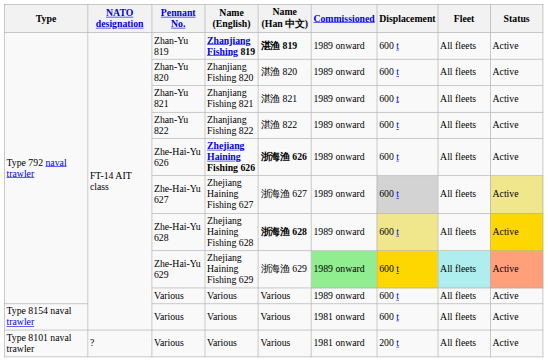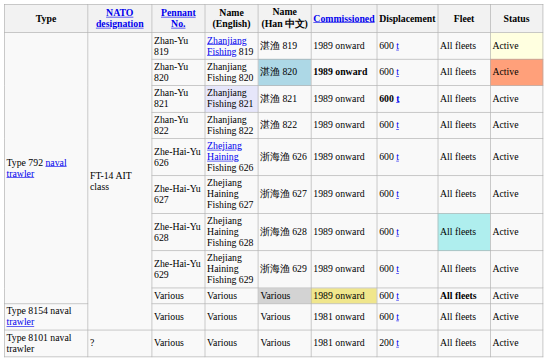 <table class="wikitable sortable"  style="margin:auto; width:100%;">
 <tr>
 <th style="text-align:center; width:16%;">Type</th>
 <th style="text-align:center; width:12%;"><a href='#'>NATO designation</a></th>
 <th style="text-align:center; width:10%;"><a href='#'>Pennant No.</a></th>
 <th style="text-align:center; width:10%;">Name<br>(English)</th>
 <th style="text-align:center; width:10%;">Name<br>(Han 中文)</th>
 <th style="text-align:center; width:10%;"><a href='#'>Commissioned</a></th>
 <th style="text-align:center; width:10%;">Displacement</th>
 <th style="text-align:center; width:10%;">Fleet</th>
 <th style="text-align:center; width:10%;">Status</th>
 </tr>
 <tr>
 <td rowspan="9">Type 792 <a href='#'>naval trawler</a></td>
 <td rowspan="10">FT-14 AIT class</td>
 <td>Zhan-Yu 819</td>
-<td><strong><a href='#'>Zhanjiang</a> <a href='#'>Fishing</a> 819</strong></td>
-<td><strong>湛渔 819</strong></td>
+<td><a href='#'>Zhanjiang</a> <a href='#'>Fishing</a> 819</td>
+<td>湛渔 819</td>
 <td>1989 onward</td>
 <td>600 <a href='#'>t</a></td>
 <td>All fleets</td>
-<td><span>Active</span></td>
+<td style="background: lightyellow;"><span>Active</span></td>
 </tr>
 <tr>
 <td>Zhan-Yu 820</td>
 <td>Zhanjiang Fishing 820</td>
-<td>湛渔 820</td>
-<td>1989 onward</td>
+<td style="background: lightblue;">湛渔 820</td>
+<td><strong>1989 onward</strong></td>
 <td>600 <a href='#'>t</a></td>
 <td>All fleets</td>
-<td><span>Active</span></td>
+<td style="background: lightsalmon;"><span>Active</span></td>
 </tr>
 <tr>
 <td>Zhan-Yu 821</td>
-<td>Zhanjiang Fishing 821</td>
+<td style="background: lavender;">Zhanjiang Fishing 821</td>
 <td>湛渔 821</td>
 <td>1989 onward</td>
-<td>600 <a href='#'>t</a></td>
+<td><strong>600 <a href='#'>t</a></strong></td>
 <td>All fleets</td>
 <td><span>Active</span></td>
 </tr>
 <tr>
 <td>Zhan-Yu 822</td>
 <td>Zhanjiang Fishing 822</td>
 <td>湛渔 822</td>
 <td>1989 onward</td>
 <td>600 <a href='#'>t</a></td>
 <td>All fleets</td>
 <td><span>Active</span></td>
 </tr>
 <tr>
 <td>Zhe-Hai-Yu 626</td>
-<td><strong><a href='#'>Zhejiang</a> <a href='#'>Haining</a> Fishing 626</strong></td>
-<td><strong>浙海渔 626</strong></td>
+<td><a href='#'>Zhejiang</a> <a href='#'>Haining</a> Fishing 626</td>
+<td>浙海渔 626</td>
 <td>1989 onward</td>
 <td>600 <a href='#'>t</a></td>
 <td>All fleets</td>
 <td><span>Active</span></td>
 </tr>
 <tr>
 <td>Zhe-Hai-Yu 627</td>
 <td>Zhejiang Haining Fishing 627</td>
 <td>浙海渔 627</td>
 <td>1989 onward</td>
-<td style="background: lightgrey;">600 <a href='#'>t</a></td>
+<td>600 <a href='#'>t</a></td>
 <td>All fleets</td>
-<td style="background: khaki;"><span>Active</span></td>
+<td><span>Active</span></td>
 </tr>
 <tr>
 <td>Zhe-Hai-Yu 628</td>
 <td>Zhejiang Haining Fishing 628</td>
-<td><strong>浙海渔 628</strong></td>
+<td>浙海渔 628</td>
 <td>1989 onward</td>
-<td style="background: khaki;">600 <a href='#'>t</a></td>
-<td>All fleets</td>
-<td style="background: gold;"><span>Active</span></td>
+<td>600 <a href='#'>t</a></td>
+<td style="background: paleturquoise;">All fleets</td>
+<td><span>Active</span></td>
 </tr>
 <tr>
 <td>Zhe-Hai-Yu 629</td>
 <td>Zhejiang Haining Fishing 629</td>
 <td>浙海渔 629</td>
-<td style="background: lightgreen;">1989 onward</td>
-<td style="background: gold;">600 <a href='#'>t</a></td>
-<td style="background: paleturquoise;">All fleets</td>
-<td style="background: lightsalmon;"><span>Active</span></td>
+<td>1989 onward</td>
+<td>600 <a href='#'>t</a></td>
+<td>All fleets</td>
+<td><span>Active</span></td>
 </tr>
 <tr>
 <td>Various</td>
 <td>Various</td>
-<td>Various</td>
-<td>1989 onward</td>
+<td style="background: lightgrey;">Various</td>
+<td style="background: khaki;">1989 onward</td>
 <td>600 <a href='#'>t</a></td>
-<td>All fleets</td>
+<td><strong>All fleets</strong></td>
 <td><span>Active</span></td>
 </tr>
 <tr>
 <td>Type 8154 naval <a href='#'>trawler</a></td>
 <td>Various</td>
 <td>Various</td>
 <td>Various</td>
 <td>1981 onward</td>
 <td>600 <a href='#'>t</a></td>
 <td>All fleets</td>
 <td><span>Active</span></td>
 </tr>
 <tr>
 <td>Type 8101 naval trawler</td>
 <td>?</td>
 <td>Various</td>
 <td>Various</td>
 <td>Various</td>
 <td>1981 onward</td>
 <td>200 <a href='#'>t</a></td>
 <td>All fleets</td>
 <td><span>Active</span></td>
 </tr>
 </table>
